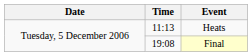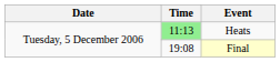 <table class = "wikitable" style="text-align:center;">
 <tr>
 <th width=220>Date</th>
 <th width=50>Time</th>
 <th width=100>Event</th>
 </tr>
 <tr>
 <td rowspan=2>Tuesday, 5 December 2006</td>
-<td>11:13</td>
+<td style="background: lightgreen;">11:13</td>
 <td>Heats</td>
 </tr>
 <tr>
 <td>19:08</td>
 <td bgcolor=ffffcc>Final</td>
 </tr>
 </table>
